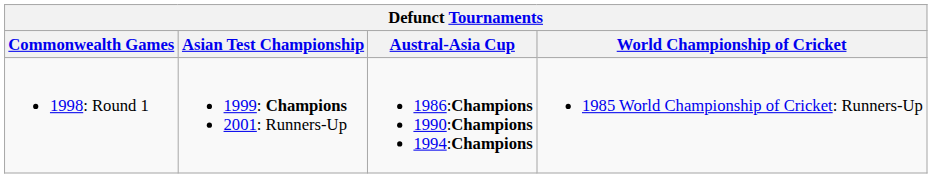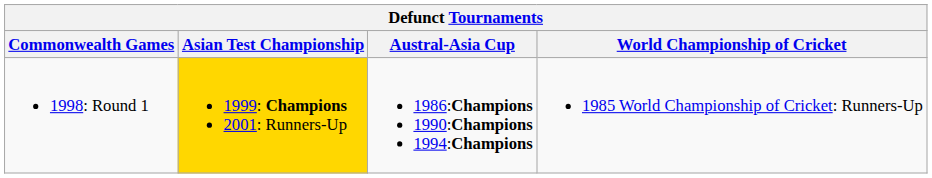 <table class="wikitable">
 <tr style="background:#ccc;">
 <th colspan=4>Defunct <a href='#'>Tournaments</a></th>
 </tr>
 <tr style="background:#ccc;">
 <th><a href='#'>Commonwealth Games</a></th>
 <th><a href='#'>Asian Test Championship</a></th>
 <th><a href='#'>Austral-Asia Cup</a></th>
 <th><a href='#'>World Championship of Cricket</a></th>
 </tr>
 <tr>
 <td style="vertical-align:top;"><br><ul><li><a href='#'>1998</a>: Round 1</li></ul></td>
-<td style="vertical-align:top;"><br><ul><li><a href='#'>1999</a>: <strong>Champions</strong></li><li><a href='#'>2001</a>: Runners-Up</li></ul></td>
+<td style="background: gold; vertical-align:top;"><br><ul><li><a href='#'>1999</a>: <strong>Champions</strong></li><li><a href='#'>2001</a>: Runners-Up</li></ul></td>
 <td style="vertical-align:top;"><br><ul><li><a href='#'>1986</a>:<strong>Champions</strong></li><li><a href='#'>1990</a>:<strong>Champions</strong></li><li><a href='#'>1994</a>:<strong>Champions</strong></li></ul></td>
 <td style="vertical-align:top;"><br><ul><li><a href='#'>1985 World Championship of Cricket</a>: Runners-Up</li></ul></td>
 </tr>
 </table>
